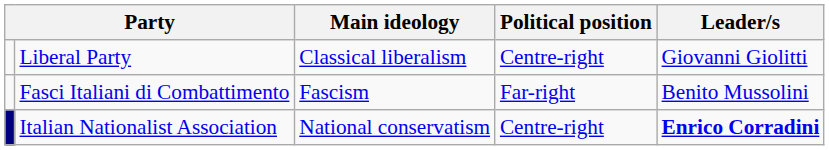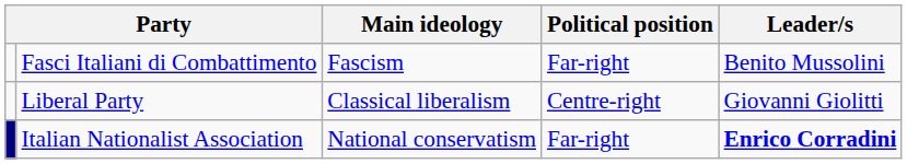 <table class="wikitable" style="font-size:95%">
 <tr>
 <th colspan=2>Party</th>
 <th>Main ideology</th>
 <th>Political position</th>
 <th>Leader/s</th>
 </tr>
 <tr>
 <td></td>
+<td><a href='#'>Fasci Italiani di Combattimento</a></td>
+<td><a href='#'>Fascism</a></td>
+<td><a href='#'>Far-right</a></td>
+<td><a href='#'>Benito Mussolini</a></td>
+</tr>
+<tr>
+<td></td>
 <td><a href='#'>Liberal Party</a></td>
 <td><a href='#'>Classical liberalism</a></td>
 <td><a href='#'>Centre-right</a></td>
 <td><a href='#'>Giovanni Giolitti</a></td>
 </tr>
 <tr>
-<td></td>
-<td><a href='#'>Fasci Italiani di Combattimento</a></td>
-<td><a href='#'>Fascism</a></td>
-<td><a href='#'>Far-right</a></td>
-<td><a href='#'>Benito Mussolini</a></td>
-</tr>
-<tr>
 <td bgcolor="#000080"></td>
 <td><a href='#'>Italian Nationalist Association</a></td>
 <td><a href='#'>National conservatism</a></td>
-<td><a href='#'>Centre-right</a></td>
+<td><a href='#'>Far-right</a></td>
 <td><strong><a href='#'>Enrico Corradini</a></strong></td>
 </tr>
 </table>
